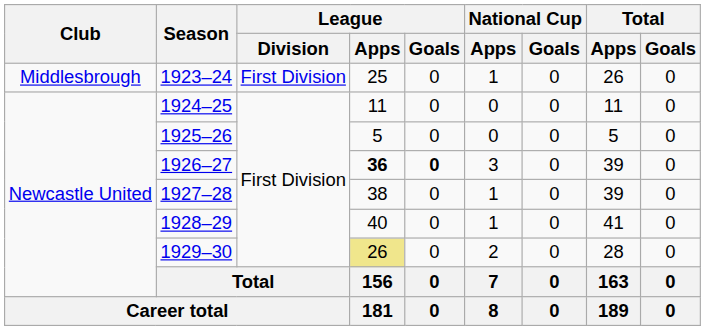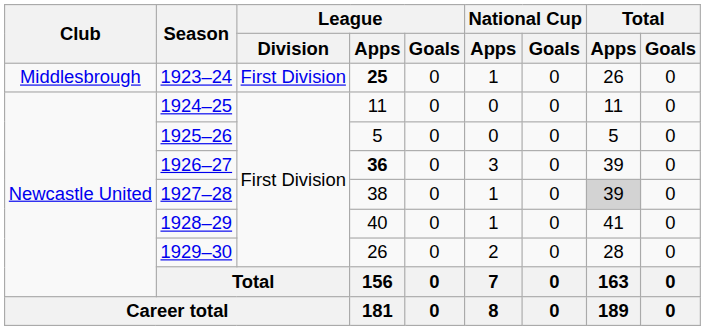 <table class="wikitable" style="text-align: center">
 <tr>
 <th rowspan="2">Club</th>
 <th rowspan="2">Season</th>
 <th colspan="3">League</th>
 <th colspan="2">National Cup</th>
 <th colspan="2">Total</th>
 </tr>
 <tr>
 <th>Division</th>
 <th>Apps</th>
 <th>Goals</th>
 <th>Apps</th>
 <th>Goals</th>
 <th>Apps</th>
 <th>Goals</th>
 </tr>
 <tr>
 <td><a href='#'>Middlesbrough</a></td>
 <td><a href='#'>1923–24</a></td>
 <td><a href='#'>First Division</a></td>
-<td>25</td>
+<td><strong>25</strong></td>
 <td>0</td>
 <td>1</td>
 <td>0</td>
 <td>26</td>
 <td>0</td>
 </tr>
 <tr>
 <td rowspan="7"><a href='#'>Newcastle United</a></td>
 <td><a href='#'>1924–25</a></td>
 <td rowspan="6">First Division</td>
 <td>11</td>
 <td>0</td>
 <td>0</td>
 <td>0</td>
 <td>11</td>
 <td>0</td>
 </tr>
 <tr>
 <td><a href='#'>1925–26</a></td>
 <td>5</td>
 <td>0</td>
 <td>0</td>
 <td>0</td>
 <td>5</td>
 <td>0</td>
 </tr>
 <tr>
 <td><a href='#'>1926–27</a></td>
 <td><strong>36</strong></td>
-<td><strong>0</strong></td>
+<td>0</td>
 <td>3</td>
 <td>0</td>
 <td>39</td>
 <td>0</td>
 </tr>
 <tr>
 <td><a href='#'>1927–28</a></td>
 <td>38</td>
 <td>0</td>
 <td>1</td>
 <td>0</td>
-<td>39</td>
+<td style="background: lightgrey;">39</td>
 <td>0</td>
 </tr>
 <tr>
 <td><a href='#'>1928–29</a></td>
 <td>40</td>
 <td>0</td>
 <td>1</td>
 <td>0</td>
 <td>41</td>
 <td>0</td>
 </tr>
 <tr>
 <td><a href='#'>1929–30</a></td>
-<td style="background: khaki;">26</td>
+<td>26</td>
 <td>0</td>
 <td>2</td>
 <td>0</td>
 <td>28</td>
 <td>0</td>
 </tr>
 <tr>
 <th colspan="2">Total</th>
 <th>156</th>
 <th>0</th>
 <th>7</th>
 <th>0</th>
 <th>163</th>
 <th>0</th>
 </tr>
 <tr>
 <th colspan="3">Career total</th>
 <th>181</th>
 <th>0</th>
 <th>8</th>
 <th>0</th>
 <th>189</th>
 <th>0</th>
 </tr>
 </table>
